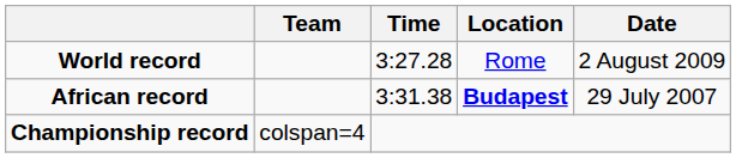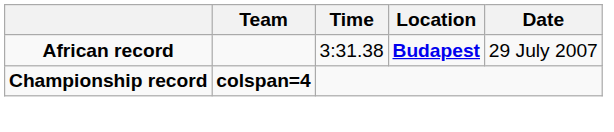 <table class=wikitable style=text-align:center>
 <tr>
 <th></th>
 <th>Team</th>
 <th>Time</th>
 <th>Location</th>
 <th>Date</th>
-</tr>
-<tr>
-<td><strong>World record</strong></td>
-<td align=left></td>
-<td align=left>3:27.28</td>
-<td><a href='#'>Rome</a></td>
-<td>2 August 2009</td>
 </tr>
 <tr>
 <td><strong>African record</strong></td>
 <td align=left></td>
 <td align=left>3:31.38</td>
 <td><strong><a href='#'>Budapest</a></strong></td>
 <td>29 July 2007</td>
 </tr>
 <tr>
 <td><strong>Championship record</strong></td>
-<td>colspan=4 </td>
+<td><strong>colspan=4 </strong></td>
 </tr>
 </table>
